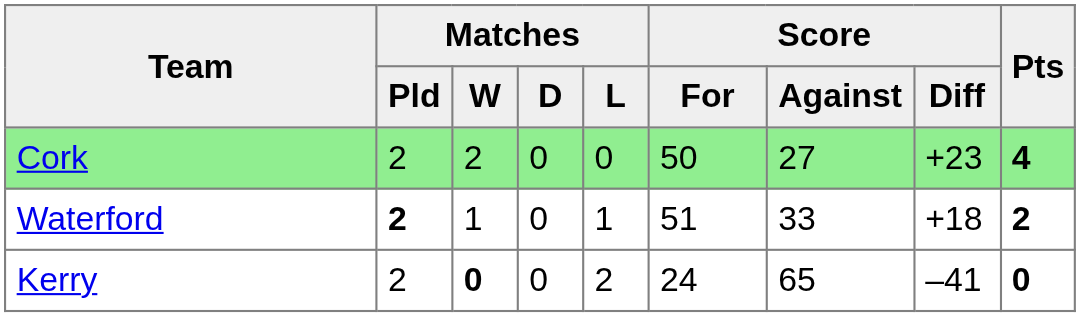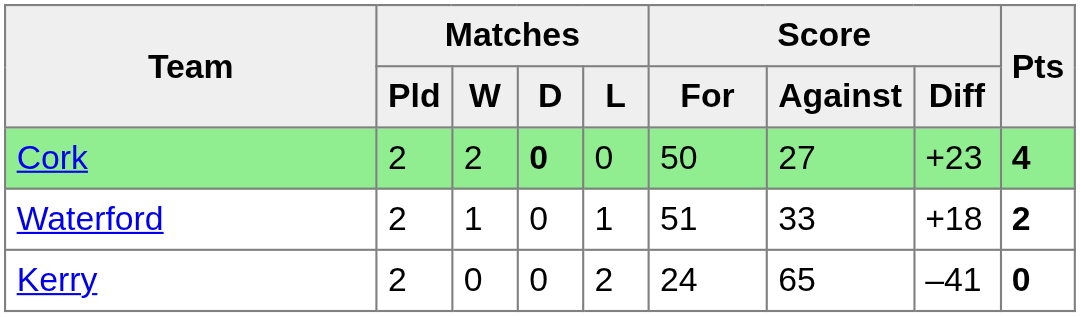 <table style=border-collapse:collapse border=1 cellspacing=0 cellpadding=5>
 <tr align=center bgcolor=#efefef>
 <th rowspan=2 width=165>Team</th>
 <th colspan=4>Matches</th>
 <th colspan=3>Score</th>
 <th rowspan=2width=20>Pts</th>
 </tr>
 <tr align=center bgcolor=#efefef>
 <th width=20>Pld</th>
 <th width=20>W</th>
 <th width=20>D</th>
 <th width=20>L</th>
 <th width=45>For</th>
 <th width=45>Against</th>
 <th width=30>Diff</th>
 </tr>
 <tr bgcolor=#90EE90>
 <td style="text-align:left;"><a href='#'>Cork</a></td>
 <td>2</td>
 <td>2</td>
-<td>0</td>
+<td><strong>0</strong></td>
 <td>0</td>
 <td>50</td>
 <td>27</td>
 <td>+23</td>
 <td><strong>4</strong></td>
 </tr>
 <tr>
 <td style="text-align:left;"><a href='#'>Waterford</a></td>
-<td><strong>2</strong></td>
+<td>2</td>
 <td>1</td>
 <td>0</td>
 <td>1</td>
 <td>51</td>
 <td>33</td>
 <td>+18</td>
 <td><strong>2</strong></td>
 </tr>
 <tr>
 <td style="text-align:left;"><a href='#'>Kerry</a></td>
 <td>2</td>
-<td><strong>0</strong></td>
+<td>0</td>
 <td>0</td>
 <td>2</td>
 <td>24</td>
 <td>65</td>
 <td>–41</td>
 <td><strong>0</strong></td>
 </tr>
 </table>
